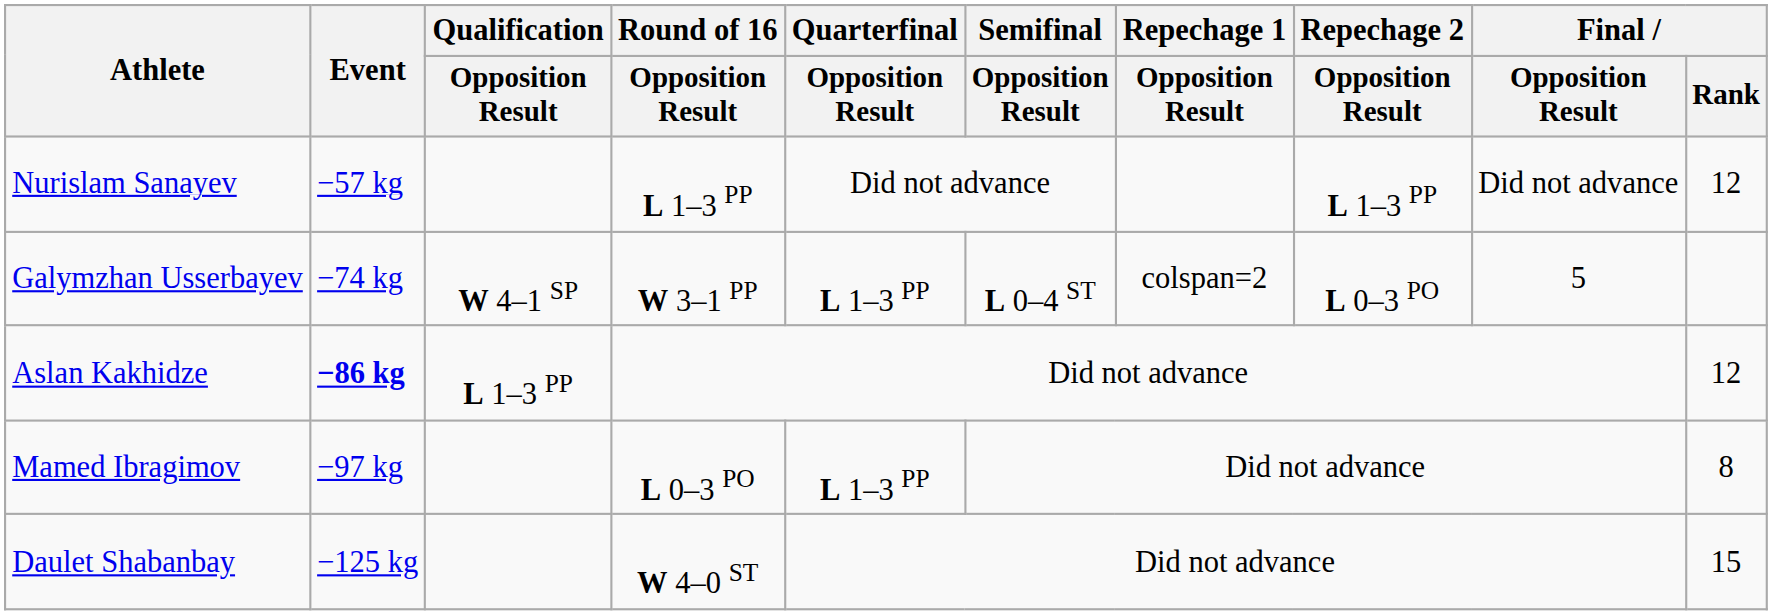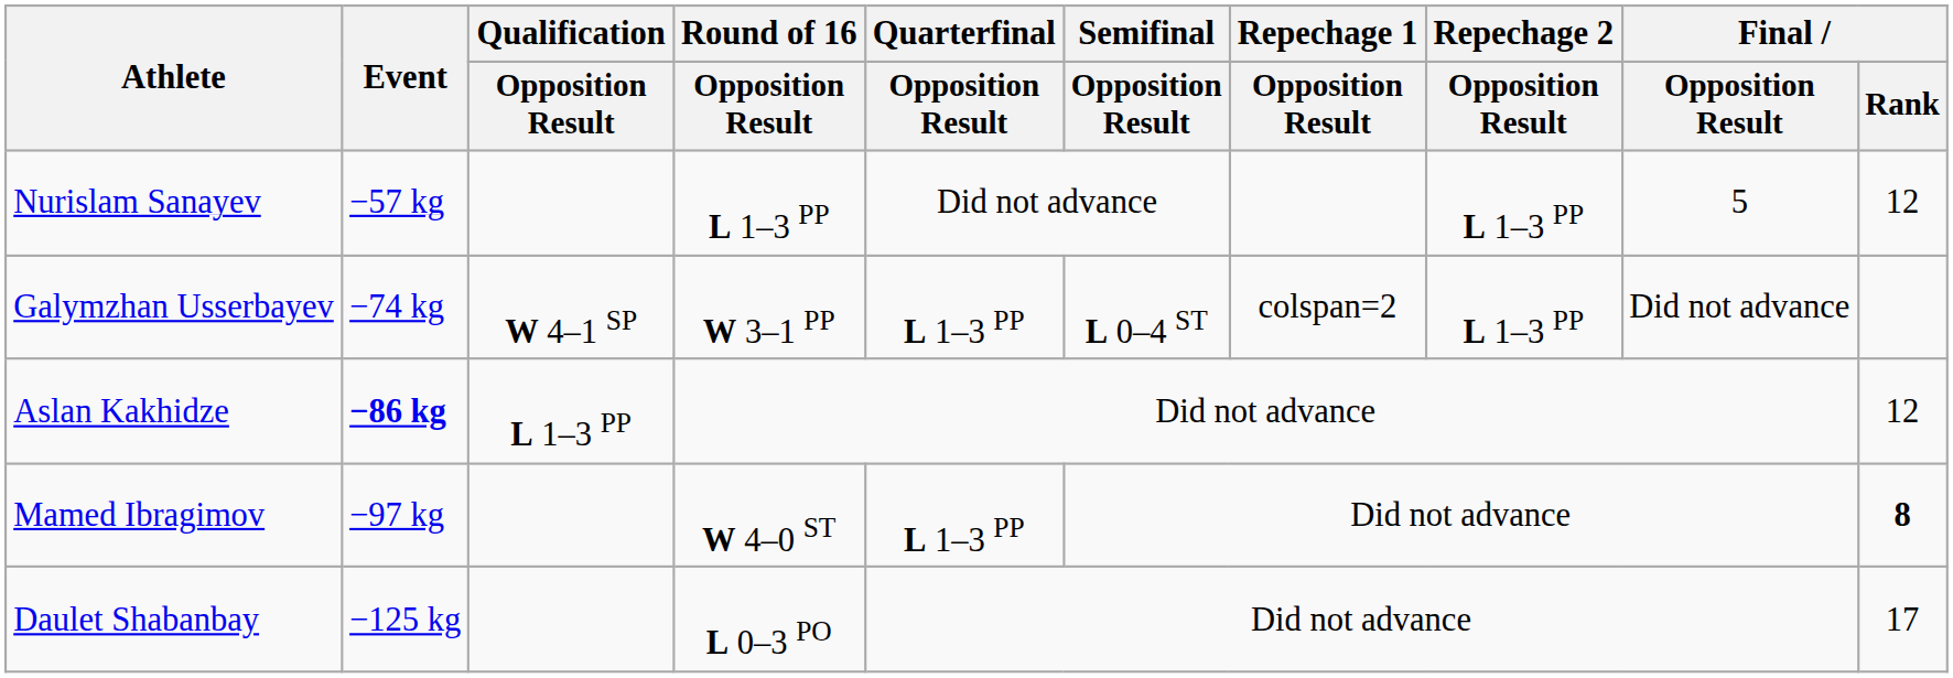 <table class="wikitable" style="font-size:90%">
 <tr>
 <th rowspan=2>Athlete</th>
 <th rowspan=2>Event</th>
 <th>Qualification</th>
 <th>Round of 16</th>
 <th>Quarterfinal</th>
 <th>Semifinal</th>
 <th>Repechage 1</th>
 <th>Repechage 2</th>
 <th colspan=2>Final / </th>
 </tr>
 <tr style="font-size: 95%">
 <th>Opposition<br>Result</th>
 <th>Opposition<br>Result</th>
 <th>Opposition<br>Result</th>
 <th>Opposition<br>Result</th>
 <th>Opposition<br>Result</th>
 <th>Opposition<br>Result</th>
 <th>Opposition<br>Result</th>
 <th>Rank</th>
 </tr>
 <tr align=center>
 <td align=left><a href='#'>Nurislam Sanayev</a></td>
 <td align=left><a href='#'>−57 kg</a></td>
 <td></td>
 <td><br><strong>L</strong> 1–3 <sup>PP</sup></td>
 <td colspan=2>Did not advance</td>
 <td></td>
 <td><br><strong>L</strong> 1–3 <sup>PP</sup></td>
-<td>Did not advance</td>
+<td>5</td>
 <td>12</td>
 </tr>
 <tr align=center>
 <td align=left><a href='#'>Galymzhan Usserbayev</a></td>
 <td align=left><a href='#'>−74 kg</a></td>
 <td><br><strong>W</strong> 4–1 <sup>SP</sup></td>
 <td><br><strong>W</strong> 3–1 <sup>PP</sup></td>
 <td><br><strong>L</strong> 1–3 <sup>PP</sup></td>
 <td><br><strong>L</strong> 0–4 <sup>ST</sup></td>
 <td>colspan=2 </td>
-<td><br><strong>L</strong> 0–3 <sup>PO</sup></td>
-<td>5</td>
+<td><br><strong>L</strong> 1–3 <sup>PP</sup></td>
+<td>Did not advance</td>
 </tr>
 <tr align=center>
 <td align=left><a href='#'>Aslan Kakhidze</a></td>
 <td align=left><strong><a href='#'>−86 kg</a></strong></td>
 <td><br><strong>L</strong> 1–3 <sup>PP</sup></td>
 <td colspan=6>Did not advance</td>
 <td>12</td>
 </tr>
 <tr align=center>
 <td align=left><a href='#'>Mamed Ibragimov</a></td>
 <td align=left><a href='#'>−97 kg</a></td>
 <td></td>
-<td><br><strong>L</strong> 0–3 <sup>PO</sup></td>
+<td><br><strong>W</strong> 4–0 <sup>ST</sup></td>
 <td><br><strong>L</strong> 1–3 <sup>PP</sup></td>
 <td colspan=4>Did not advance</td>
-<td>8</td>
+<td><strong>8</strong></td>
 </tr>
 <tr align=center>
 <td align=left><a href='#'>Daulet Shabanbay</a></td>
 <td align=left><a href='#'>−125 kg</a></td>
 <td></td>
-<td><br><strong>W</strong> 4–0 <sup>ST</sup></td>
+<td><br><strong>L</strong> 0–3 <sup>PO</sup></td>
 <td colspan=5>Did not advance</td>
-<td>15</td>
+<td>17</td>
 </tr>
 </table>
